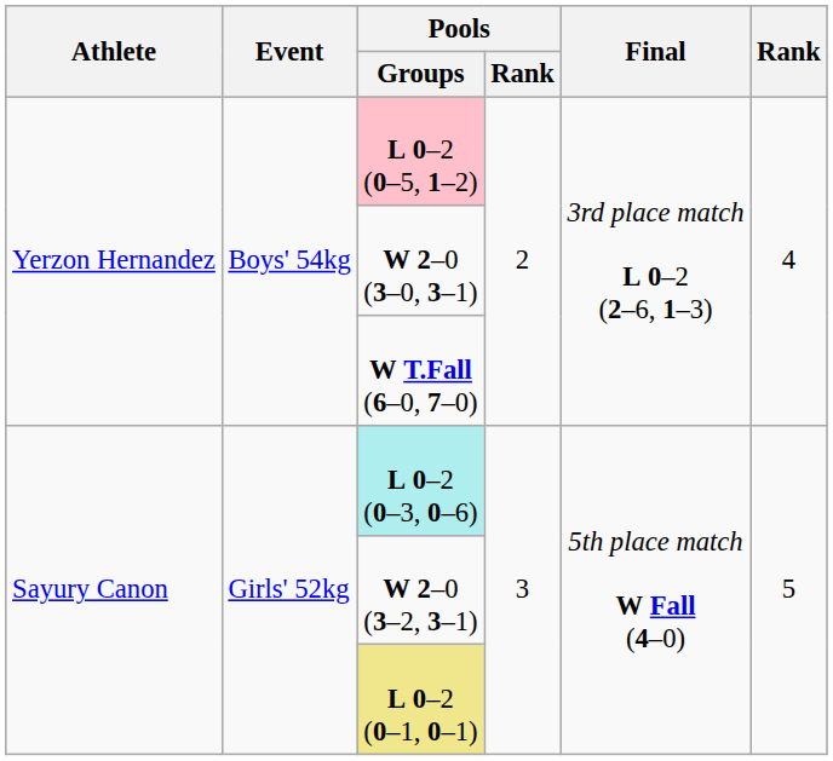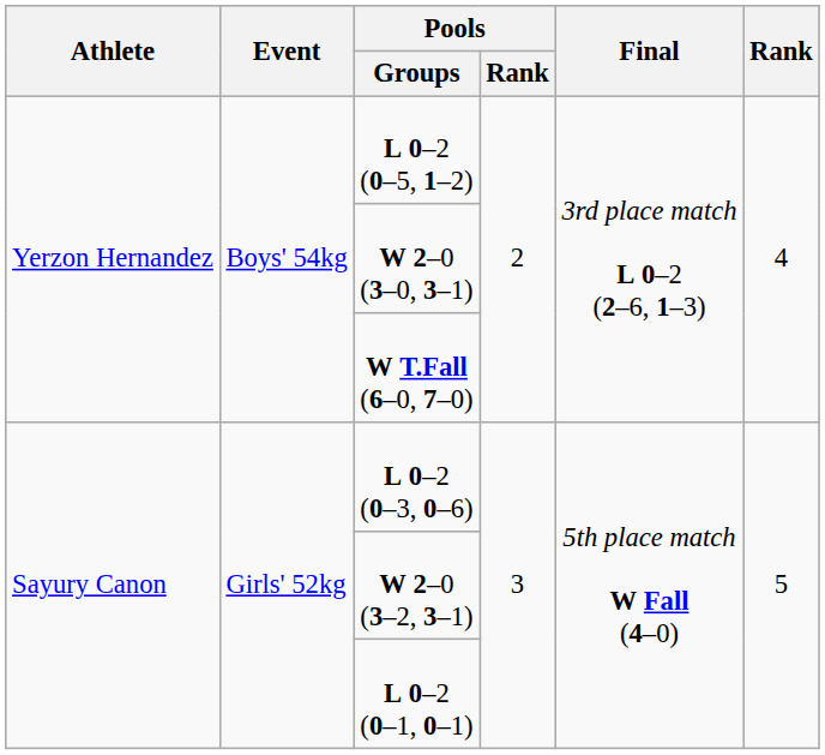 <table class="wikitable" style="text-align:left; font-size:90%">
 <tr>
 <th rowspan="2">Athlete</th>
 <th rowspan="2">Event</th>
 <th colspan="2">Pools</th>
 <th rowspan="2">Final</th>
 <th rowspan="2">Rank</th>
 </tr>
 <tr>
 <th>Groups</th>
 <th>Rank</th>
 </tr>
 <tr>
 <td rowspan="3"><a href='#'>Yerzon Hernandez</a></td>
 <td rowspan="3"><a href='#'>Boys' 54kg</a></td>
-<td align=center style="background: pink;"><br><strong>L</strong> <strong>0</strong>–2<br>(<strong>0</strong>–5, <strong>1</strong>–2)</td>
+<td align=center><br><strong>L</strong> <strong>0</strong>–2<br>(<strong>0</strong>–5, <strong>1</strong>–2)</td>
 <td rowspan="3" align=center>2</td>
 <td align=center rowspan=3><em>3rd place match</em><br><br><strong>L</strong> <strong>0</strong>–2<br>(<strong>2</strong>–6, <strong>1</strong>–3)</td>
 <td rowspan="3" align="center">4</td>
 </tr>
 <tr>
 <td align=center><br><strong>W</strong> <strong>2</strong>–0<br>(<strong>3</strong>–0, <strong>3</strong>–1)</td>
 </tr>
 <tr>
 <td align=center><br><strong>W</strong> <strong><a href='#'>T.Fall</a></strong><br>(<strong>6</strong>–0, <strong>7</strong>–0)</td>
 </tr>
 <tr>
 <td rowspan="3"><a href='#'>Sayury Canon</a></td>
 <td rowspan="3"><a href='#'>Girls' 52kg</a></td>
-<td align=center style="background: paleturquoise;"><br><strong>L</strong> <strong>0</strong>–2<br>(<strong>0</strong>–3, <strong>0</strong>–6)</td>
+<td align=center><br><strong>L</strong> <strong>0</strong>–2<br>(<strong>0</strong>–3, <strong>0</strong>–6)</td>
 <td rowspan="3" align=center>3</td>
 <td align=center rowspan=3><em>5th place match</em><br><br><strong>W</strong> <strong><a href='#'>Fall</a></strong><br>(<strong>4</strong>–0)</td>
 <td rowspan="3" align="center">5</td>
 </tr>
 <tr>
 <td align=center><br><strong>W</strong> <strong>2</strong>–0<br>(<strong>3</strong>–2, <strong>3</strong>–1)</td>
 </tr>
 <tr>
-<td align=center style="background: khaki;"><br><strong>L</strong> <strong>0</strong>–2<br>(<strong>0</strong>–1, <strong>0</strong>–1)</td>
+<td align=center><br><strong>L</strong> <strong>0</strong>–2<br>(<strong>0</strong>–1, <strong>0</strong>–1)</td>
 </tr>
 </table>
